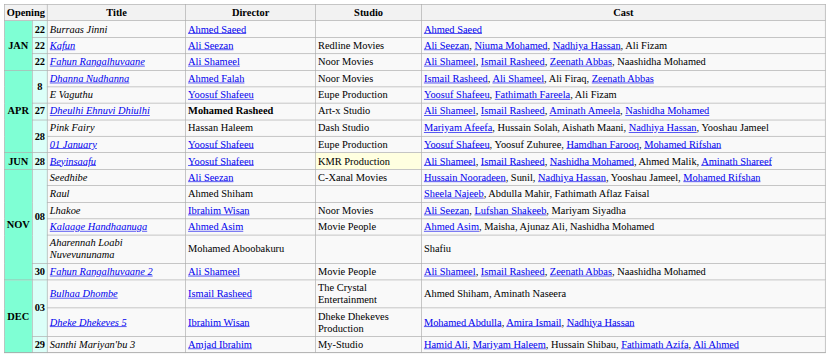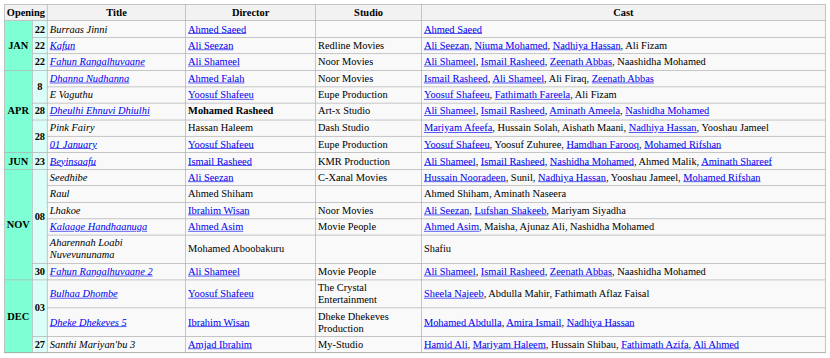 <table class="wikitable plainrowheaders" width="100%">
 <tr>
 <th scope="col" colspan="2" width=4%>Opening</th>
 <th scope="col" width=17%>Title</th>
 <th scope="col" width=16%>Director</th>
 <th scope="col" width=13%>Studio</th>
 <th scope="col" width=50%>Cast</th>
 </tr>
 <tr>
 <td style="text-align:center; background:#7FFFD4; textcolor:#000;" rowspan="3"><strong>JAN</strong></td>
 <td style="text-align:center; background:#dbfff8;"><strong>22</strong></td>
 <td><em>Burraas Jinni</em></td>
 <td><a href='#'>Ahmed Saeed</a></td>
 <td></td>
 <td><a href='#'>Ahmed Saeed</a></td>
 </tr>
 <tr>
 <td style="text-align:center; background:#dbfff8;"><strong>22</strong></td>
 <td><em><a href='#'>Kafun</a></em></td>
 <td><a href='#'>Ali Seezan</a></td>
 <td>Redline Movies</td>
 <td><a href='#'>Ali Seezan</a>, <a href='#'>Niuma Mohamed</a>, <a href='#'>Nadhiya Hassan</a>, Ali Fizam</td>
 </tr>
 <tr>
 <td style="text-align:center; background:#dbfff8;"><strong>22</strong></td>
 <td><em><a href='#'>Fahun Rangalhuvaane</a></em></td>
 <td><a href='#'>Ali Shameel</a></td>
 <td>Noor Movies</td>
 <td><a href='#'>Ali Shameel</a>, <a href='#'>Ismail Rasheed</a>, <a href='#'>Zeenath Abbas</a>, Naashidha Mohamed</td>
 </tr>
 <tr>
 <td rowspan="5" style="text-align:center; background:#7FFFD4; textcolor:#000;"><strong>APR</strong></td>
 <td rowspan="2" style="text-align:center; background:#dbfff8;"><strong>8</strong></td>
 <td><em><a href='#'>Dhanna Nudhanna</a></em></td>
 <td><a href='#'>Ahmed Falah</a></td>
 <td>Noor Movies</td>
 <td><a href='#'>Ismail Rasheed</a>, <a href='#'>Ali Shameel</a>, Ali Firaq, <a href='#'>Zeenath Abbas</a></td>
 </tr>
 <tr>
 <td><em>E Vaguthu</em></td>
 <td><a href='#'>Yoosuf Shafeeu</a></td>
 <td>Eupe Production</td>
 <td><a href='#'>Yoosuf Shafeeu</a>, <a href='#'>Fathimath Fareela</a>, Ali Fizam</td>
 </tr>
 <tr>
-<td style="text-align:center; background:#dbfff8;"><strong>27</strong></td>
+<td style="text-align:center; background:#dbfff8;"><strong>28</strong></td>
 <td><em><a href='#'>Dheulhi Ehnuvi Dhiulhi</a></em></td>
 <td><strong>Mohamed Rasheed</strong></td>
 <td>Art-x Studio</td>
 <td><a href='#'>Ali Shameel</a>, <a href='#'>Ismail Rasheed</a>, <a href='#'>Aminath Ameela</a>, <a href='#'>Nashidha Mohamed</a></td>
 </tr>
 <tr>
 <td rowspan="2" style="text-align:center; background:#dbfff8;"><strong>28</strong></td>
 <td><em>Pink Fairy</em></td>
 <td>Hassan Haleem</td>
 <td>Dash Studio</td>
 <td><a href='#'>Mariyam Afeefa</a>, Hussain Solah, Aishath Maani, <a href='#'>Nadhiya Hassan</a>, Yooshau Jameel</td>
 </tr>
 <tr>
 <td><em><a href='#'>01 January</a></em></td>
 <td><a href='#'>Yoosuf Shafeeu</a></td>
 <td>Eupe Production</td>
 <td><a href='#'>Yoosuf Shafeeu</a>, Yoosuf Zuhuree, <a href='#'>Hamdhan Farooq</a>, <a href='#'>Mohamed Rifshan</a></td>
 </tr>
 <tr>
 <td style="text-align:center; background:#7FFFD4; textcolor:#000;"><strong>JUN</strong></td>
-<td style="text-align:center; background:#dbfff8;"><strong>28</strong></td>
+<td style="text-align:center; background:#dbfff8;"><strong>23</strong></td>
 <td><em><a href='#'>Beyinsaafu</a></em></td>
-<td><a href='#'>Yoosuf Shafeeu</a></td>
-<td style="background: lightyellow;">KMR Production</td>
+<td><a href='#'>Ismail Rasheed</a></td>
+<td>KMR Production</td>
 <td><a href='#'>Ali Shameel</a>, <a href='#'>Ismail Rasheed</a>, <a href='#'>Nashidha Mohamed</a>, Ahmed Malik, <a href='#'>Aminath Shareef</a></td>
 </tr>
 <tr>
 <td style="text-align:center; background:#7FFFD4; textcolor:#000;" rowspan="6"><strong>NOV</strong></td>
 <td style="text-align:center; background:#dbfff8;" rowspan="5"><strong>08</strong></td>
 <td><em>Seedhibe</em></td>
 <td><a href='#'>Ali Seezan</a></td>
 <td>C-Xanal Movies</td>
 <td><a href='#'>Hussain Nooradeen</a>, Sunil, <a href='#'>Nadhiya Hassan</a>, Yooshau Jameel, <a href='#'>Mohamed Rifshan</a></td>
 </tr>
 <tr>
 <td><em>Raul</em></td>
 <td>Ahmed Shiham</td>
 <td></td>
-<td><a href='#'>Sheela Najeeb</a>, Abdulla Mahir, Fathimath Aflaz Faisal</td>
+<td>Ahmed Shiham, Aminath Naseera</td>
 </tr>
 <tr>
 <td><em>Lhakoe</em></td>
 <td><a href='#'>Ibrahim Wisan</a></td>
 <td>Noor Movies</td>
 <td><a href='#'>Ali Seezan</a>, <a href='#'>Lufshan Shakeeb</a>, Mariyam Siyadha</td>
 </tr>
 <tr>
 <td><em><a href='#'>Kalaage Handhaanuga</a></em></td>
 <td><a href='#'>Ahmed Asim</a></td>
 <td>Movie People</td>
 <td><a href='#'>Ahmed Asim</a>, Maisha, Ajunaz Ali, Nashidha Mohamed</td>
 </tr>
 <tr>
 <td><em>Aharennah Loabi Nuvevununama</em></td>
 <td>Mohamed Aboobakuru</td>
 <td></td>
 <td>Shafiu</td>
 </tr>
 <tr>
 <td style="text-align:center; background:#dbfff8;"><strong>30</strong></td>
 <td><em><a href='#'>Fahun Rangalhuvaane 2</a></em></td>
 <td><a href='#'>Ali Shameel</a></td>
 <td>Movie People</td>
 <td><a href='#'>Ali Shameel</a>, <a href='#'>Ismail Rasheed</a>, <a href='#'>Zeenath Abbas</a>, Naashidha Mohamed</td>
 </tr>
 <tr>
 <td style="text-align:center; background:#7FFFD4; textcolor:#000;" rowspan="3"><strong>DEC</strong></td>
 <td style="text-align:center; background:#dbfff8;" rowspan="2"><strong>03</strong></td>
 <td><em><a href='#'>Bulhaa Dhombe</a></em></td>
-<td><a href='#'>Ismail Rasheed</a></td>
+<td><a href='#'>Yoosuf Shafeeu</a></td>
 <td>The Crystal Entertainment</td>
-<td>Ahmed Shiham, Aminath Naseera</td>
+<td><a href='#'>Sheela Najeeb</a>, Abdulla Mahir, Fathimath Aflaz Faisal</td>
 </tr>
 <tr>
 <td><em><a href='#'>Dheke Dhekeves 5</a></em></td>
 <td><a href='#'>Ibrahim Wisan</a></td>
 <td>Dheke Dhekeves Production</td>
 <td><a href='#'>Mohamed Abdulla</a>, <a href='#'>Amira Ismail</a>, <a href='#'>Nadhiya Hassan</a></td>
 </tr>
 <tr>
-<td style="text-align:center; background:#dbfff8;"><strong>29</strong></td>
+<td style="text-align:center; background:#dbfff8;"><strong>27</strong></td>
 <td><em>Santhi Mariyan'bu 3</em></td>
 <td><a href='#'>Amjad Ibrahim</a></td>
 <td>My-Studio</td>
 <td><a href='#'>Hamid Ali</a>, <a href='#'>Mariyam Haleem</a>, Hussain Shibau, <a href='#'>Fathimath Azifa</a>, <a href='#'>Ali Ahmed</a></td>
 </tr>
 <tr>
 </tr>
 </table>
